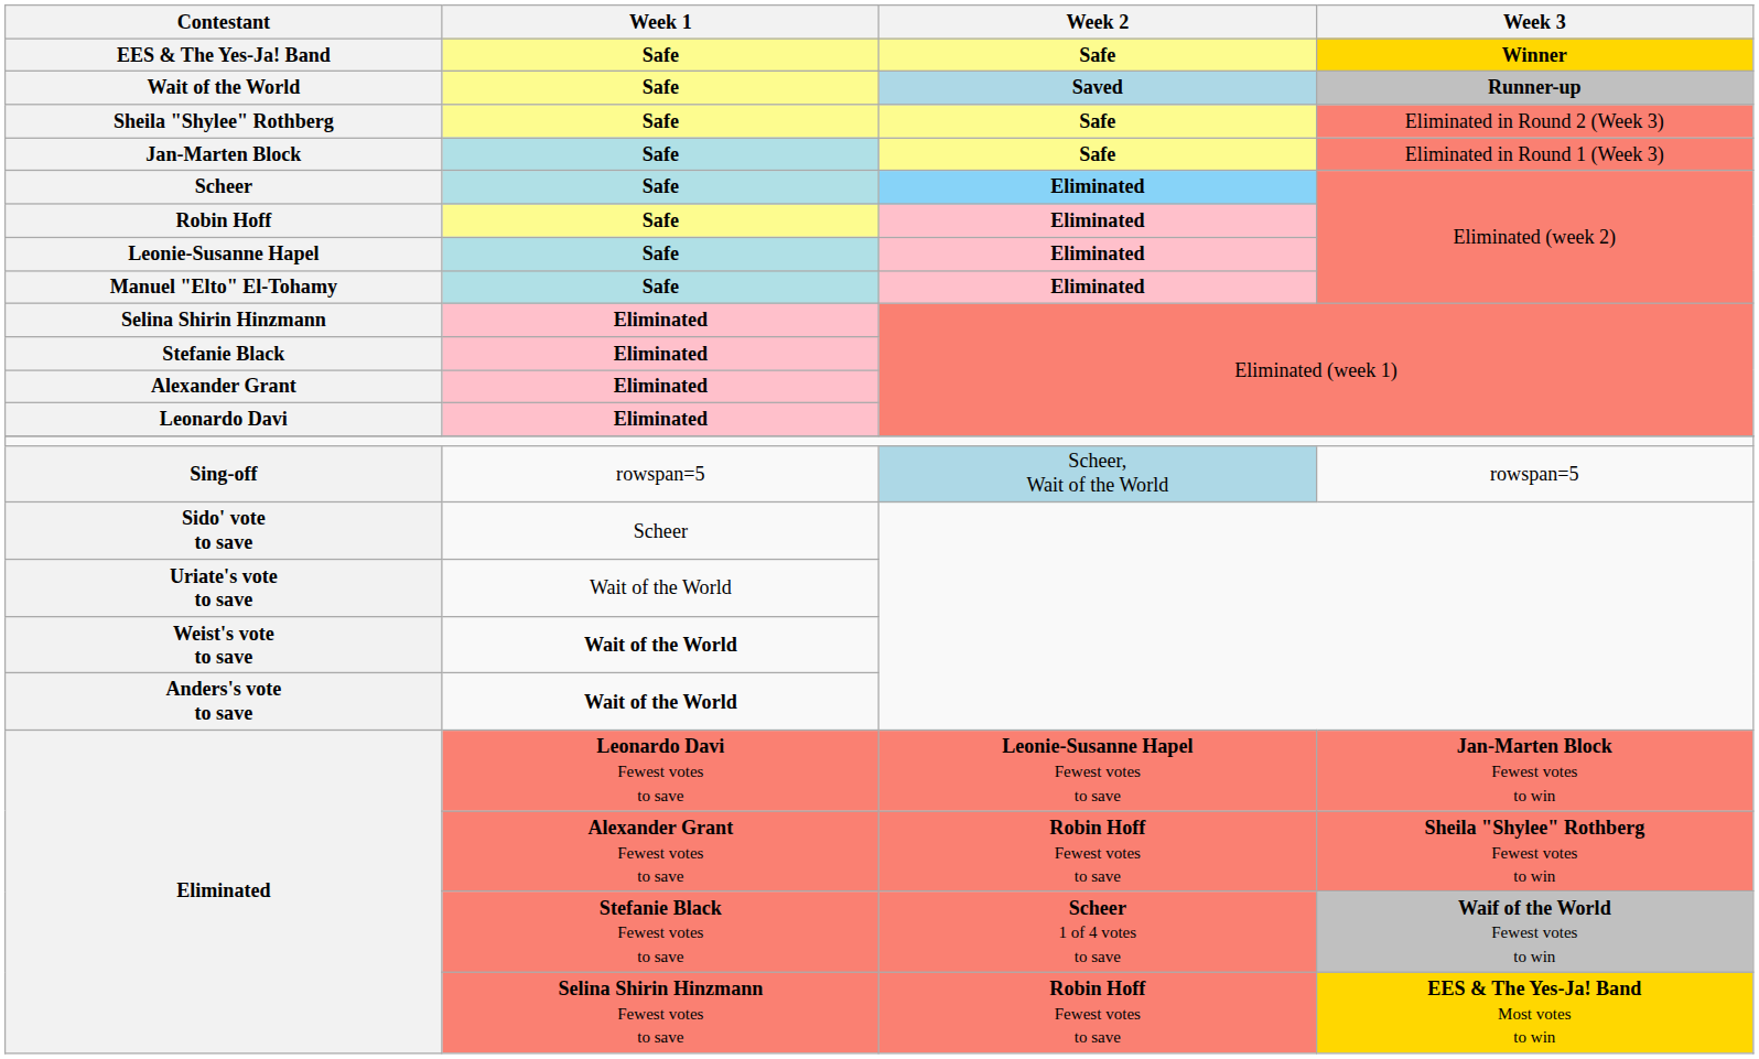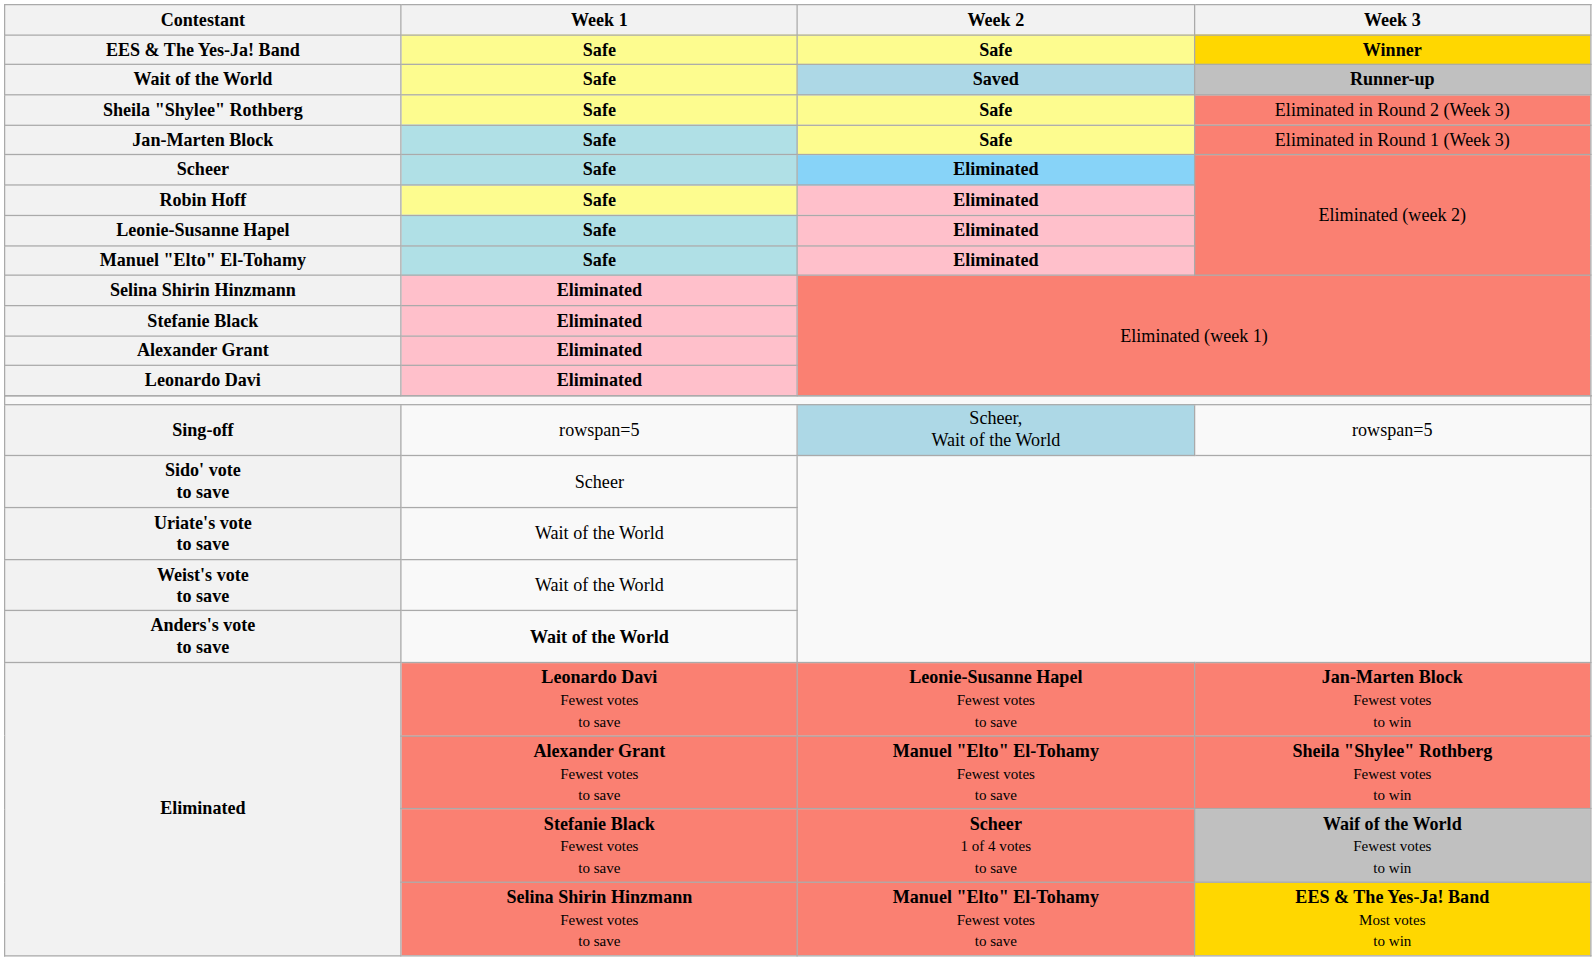 <table class="wikitable" style="text-align:center; font-size:89%">
 <tr>
 <th style="width:7%" rowspan="1" scope="col">Contestant</th>
 <th style="width:7%" rowspan="1" scope="col">Week 1</th>
 <th style="width:7%" rowspan="1" scope="col">Week 2</th>
 <th style="width:7%" rowspan="1" scope="col">Week 3</th>
 </tr>
 <tr>
 <th scope="row">EES & The Yes-Ja! Band</th>
 <td style="background:#fdfc8f"><strong>Safe</strong></td>
 <td style="background:#fdfc8f"><strong>Safe</strong></td>
 <td style="background:gold"><strong>Winner</strong></td>
 </tr>
 <tr>
 <th scope="row">Wait of the World</th>
 <td style="background:#fdfc8f"><strong>Safe</strong></td>
 <td style="background:lightblue"><strong>Saved</strong></td>
 <td style="background:silver"><strong>Runner-up</strong></td>
 </tr>
 <tr>
 <th scope="row">Sheila "Shylee" Rothberg</th>
 <td style="background:#fdfc8f"><strong>Safe</strong></td>
 <td style="background:#fdfc8f"><strong>Safe</strong></td>
 <td style="background:salmon">Eliminated in Round 2 (Week 3)</td>
 </tr>
 <tr>
 <th scope="row">Jan-Marten Block</th>
 <td style="background:#B0E0E6"><strong>Safe</strong></td>
 <td style="background:#fdfc8f"><strong>Safe</strong></td>
 <td style="background:salmon">Eliminated in Round 1 (Week 3)</td>
 </tr>
 <tr>
 <th scope="row">Scheer</th>
 <td style="background:#B0E0E6"><strong>Safe</strong></td>
 <td style="background:#87D3F8"><strong>Eliminated</strong></td>
 <td colspan="4"  rowspan="4" style="background:salmon">Eliminated (week 2)</td>
 </tr>
 <tr>
 <th scope="row">Robin Hoff</th>
 <td style="background:#fdfc8f"><strong>Safe</strong></td>
 <td style="background:pink"><strong>Eliminated</strong></td>
 </tr>
 <tr>
 <th scope="row">Leonie-Susanne Hapel</th>
 <td style="background:#B0E0E6"><strong>Safe</strong></td>
 <td style="background:pink"><strong>Eliminated</strong></td>
 </tr>
 <tr>
 <th scope="row">Manuel "Elto" El-Tohamy</th>
 <td style="background:#B0E0E6"><strong>Safe</strong></td>
 <td style="background:pink"><strong>Eliminated</strong></td>
 </tr>
 <tr>
 <th scope="row">Selina Shirin Hinzmann</th>
 <td style="background:pink"><strong>Eliminated</strong></td>
 <td colspan="5"  rowspan="4" style="background:salmon">Eliminated (week 1)</td>
 </tr>
 <tr>
 <th scope="row">Stefanie Black</th>
 <td style="background:pink"><strong>Eliminated</strong></td>
 </tr>
 <tr>
 <th scope="row">Alexander Grant</th>
 <td style="background:pink"><strong>Eliminated</strong></td>
 </tr>
 <tr>
 <th scope="row">Leonardo Davi</th>
 <td style="background:pink"><strong>Eliminated</strong></td>
 </tr>
 <tr>
 </tr>
 <tr>
 <td colspan="4"></td>
 </tr>
 <tr>
 <th scope="row">Sing-off</th>
 <td>rowspan=5 </td>
 <td bgcolor="lightblue">Scheer,<br>Wait of the World</td>
 <td>rowspan=5 </td>
 </tr>
 <tr>
 <th scope="row">Sido' vote<br>to save</th>
 <td>Scheer</td>
 </tr>
 <tr>
 <th scope="row">Uriate's vote<br>to save</th>
 <td>Wait of the World</td>
 </tr>
 <tr>
 <th scope="row">Weist's vote<br>to save</th>
-<td><strong>Wait of the World</strong></td>
+<td>Wait of the World</td>
 </tr>
 <tr>
 <th scope="row">Anders's vote<br>to save</th>
 <td><strong>Wait of the World</strong></td>
 </tr>
 <tr>
 <th rowspan=4 scope="row">Eliminated</th>
 <td style="background:salmon;"><strong>Leonardo Davi</strong><br><small>Fewest votes<br>to save</small></td>
 <td style="background:salmon;"><strong> Leonie-Susanne Hapel</strong><br><small>Fewest votes<br>to save</small></td>
 <td style="background:salmon;"><strong>Jan-Marten Block</strong><br><small>Fewest votes<br>to win</small></td>
 </tr>
 <tr>
 <td style="background:salmon;"><strong>Alexander Grant</strong><br><small>Fewest votes<br>to save</small></td>
-<td style="background:salmon;"><strong>Robin Hoff</strong><br><small>Fewest votes<br>to save</small></td>
+<td style="background:salmon;"><strong> Manuel "Elto" El-Tohamy</strong><br><small>Fewest votes<br>to save</small></td>
 <td style="background:salmon;"><strong>Sheila "Shylee" Rothberg</strong><br><small>Fewest votes<br>to win</small></td>
 </tr>
 <tr>
 <td style="background:salmon;"><strong>Stefanie Black</strong><br><small>Fewest votes<br>to save</small></td>
 <td style="background:salmon;"><strong>Scheer</strong><br><small>1 of 4 votes<br>to save</small></td>
 <td style="background:silver;"><strong>Waif of the World</strong><br><small>Fewest votes<br>to win</small></td>
 </tr>
 <tr>
 <td style="background:salmon;"><strong>Selina Shirin Hinzmann</strong><br><small>Fewest votes<br>to save</small></td>
-<td style="background:salmon;"><strong>Robin Hoff</strong><br><small>Fewest votes<br>to save</small></td>
+<td style="background:salmon;"><strong> Manuel "Elto" El-Tohamy</strong><br><small>Fewest votes<br>to save</small></td>
 <td style="background:gold;"><strong>EES & The Yes-Ja! Band</strong><br><small>Most votes<br>to win</small></td>
 </tr>
 </table>
